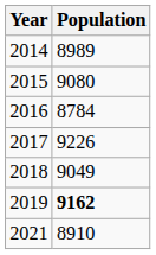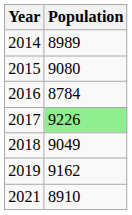 <table class="wikitable">
 <tr>
 <th>Year</th>
 <th>Population</th>
 </tr>
 <tr>
 <td>2014</td>
 <td>8989</td>
 </tr>
 <tr>
 <td>2015</td>
 <td>9080</td>
 </tr>
 <tr>
 <td>2016</td>
 <td>8784</td>
 </tr>
 <tr>
 <td>2017</td>
-<td>9226</td>
+<td style="background: lightgreen;">9226</td>
 </tr>
 <tr>
 <td>2018</td>
 <td>9049</td>
 </tr>
 <tr>
 <td>2019</td>
-<td><strong>9162</strong></td>
+<td>9162</td>
 </tr>
 <tr>
 <td>2021</td>
 <td>8910</td>
 </tr>
 </table>
